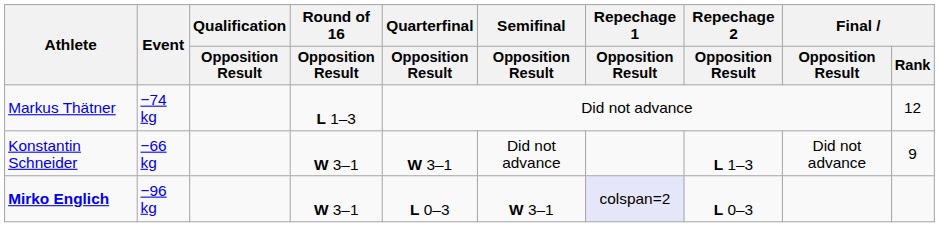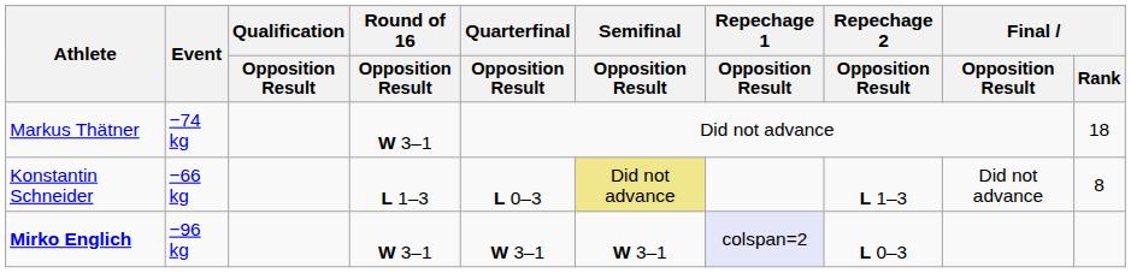 <table class="wikitable" style="font-size:90%">
 <tr>
 <th rowspan="2">Athlete</th>
 <th rowspan="2">Event</th>
 <th>Qualification</th>
 <th>Round of 16</th>
 <th>Quarterfinal</th>
 <th>Semifinal</th>
 <th>Repechage 1</th>
 <th>Repechage 2</th>
 <th colspan=2>Final / </th>
 </tr>
 <tr style="font-size: 95%">
 <th>Opposition<br>Result</th>
 <th>Opposition<br>Result</th>
 <th>Opposition<br>Result</th>
 <th>Opposition<br>Result</th>
 <th>Opposition<br>Result</th>
 <th>Opposition<br>Result</th>
 <th>Opposition<br>Result</th>
 <th>Rank</th>
 </tr>
 <tr align=center>
 <td align=left><a href='#'>Markus Thätner</a></td>
 <td align=left><a href='#'>−74 kg</a></td>
 <td></td>
-<td><br><strong>L</strong> 1–3 <sup></sup></td>
+<td><br><strong>W</strong> 3–1 <sup></sup></td>
 <td colspan=5>Did not advance</td>
-<td>12</td>
+<td>18</td>
 </tr>
 <tr align=center>
 <td align=left><a href='#'>Konstantin Schneider</a></td>
 <td align=left><a href='#'>−66 kg</a></td>
 <td></td>
-<td><br><strong>W</strong> 3–1 <sup></sup></td>
-<td><br><strong>W</strong> 3–1 <sup></sup></td>
-<td>Did not advance</td>
+<td><br><strong>L</strong> 1–3 <sup></sup></td>
+<td><br><strong>L</strong> 0–3 <sup></sup></td>
+<td style="background: khaki;">Did not advance</td>
 <td></td>
 <td><br><strong>L</strong> 1–3 <sup></sup></td>
 <td>Did not advance</td>
-<td>9</td>
+<td>8</td>
 </tr>
 <tr align=center>
 <td align=left><strong><a href='#'>Mirko Englich</a></strong></td>
 <td align=left><a href='#'>−96 kg</a></td>
 <td></td>
 <td><br><strong>W</strong> 3–1 <sup></sup></td>
-<td><br><strong>L</strong> 0–3 <sup></sup></td>
+<td><br><strong>W</strong> 3–1 <sup></sup></td>
 <td><br><strong>W</strong> 3–1 <sup></sup></td>
 <td style="background: lavender;">colspan=2 </td>
 <td><br><strong>L</strong> 0–3 <sup></sup></td>
 <td></td>
 </tr>
 </table>
